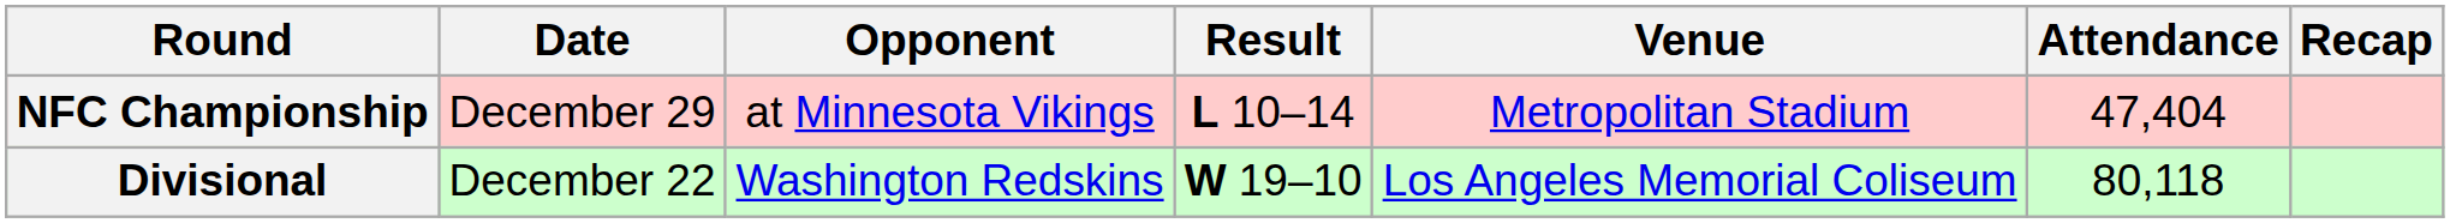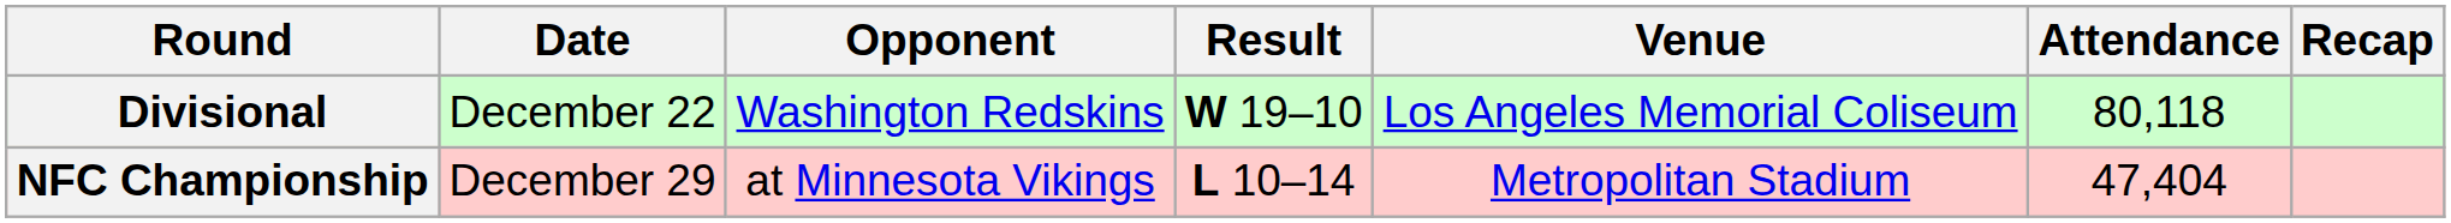 <table class="wikitable" style="text-align:center">
 <tr>
 <th>Round</th>
 <th>Date</th>
 <th>Opponent</th>
 <th>Result</th>
 <th>Venue</th>
 <th>Attendance</th>
 <th>Recap</th>
 </tr>
+<tr style="background:#cfc">
+<th>Divisional</th>
+<td>December 22</td>
+<td><a href='#'>Washington Redskins</a></td>
+<td><strong>W</strong> 19–10</td>
+<td><a href='#'>Los Angeles Memorial Coliseum</a></td>
+<td>80,118</td>
+<td></td>
+</tr>
 <tr style="background:#fcc">
 <th>NFC Championship</th>
 <td>December 29</td>
 <td>at <a href='#'>Minnesota Vikings</a></td>
 <td><strong>L</strong> 10–14</td>
 <td><a href='#'>Metropolitan Stadium</a></td>
 <td>47,404</td>
 <td></td>
 </tr>
-<tr style="background:#cfc">
-<th>Divisional</th>
-<td>December 22</td>
-<td><a href='#'>Washington Redskins</a></td>
-<td><strong>W</strong> 19–10</td>
-<td><a href='#'>Los Angeles Memorial Coliseum</a></td>
-<td>80,118</td>
-<td></td>
-</tr>
 </table>
